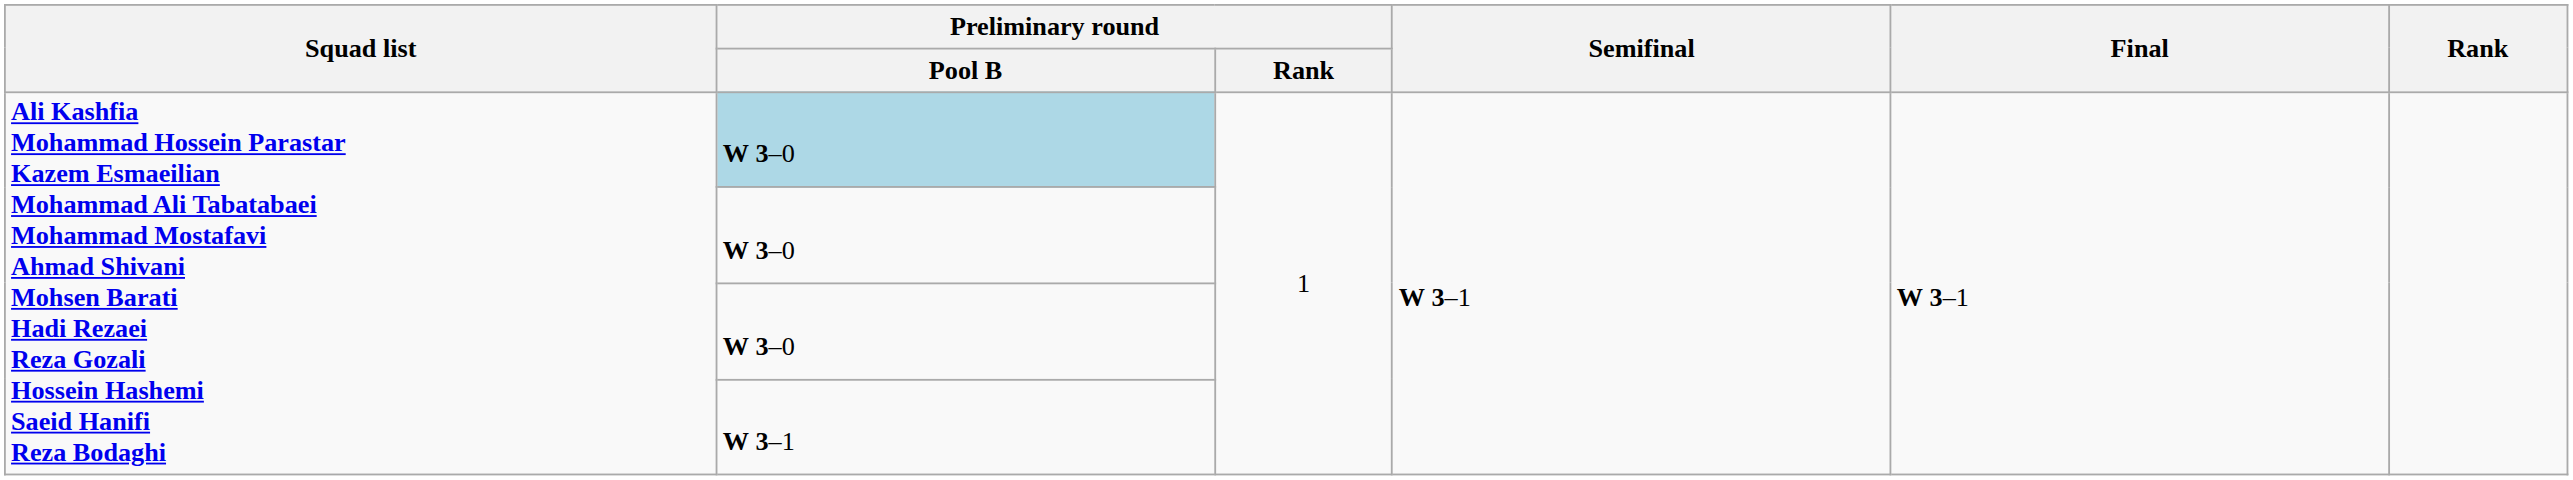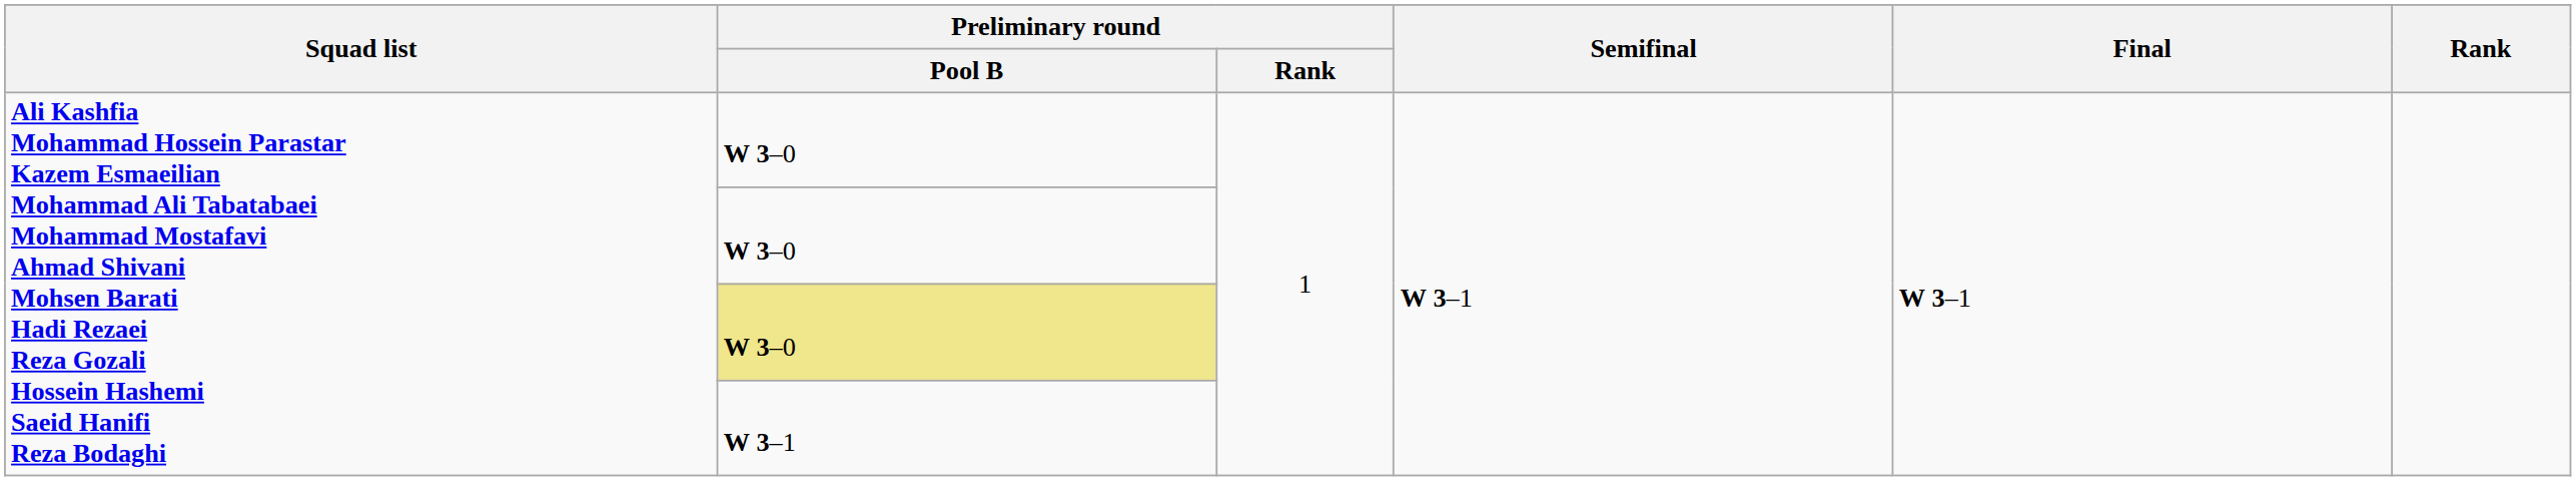 <table class="wikitable" width="71%" style="text-align:left; font-size:90%">
 <tr>
 <th rowspan="2" width="20%">Squad list</th>
 <th colspan="2">Preliminary round</th>
 <th rowspan="2" width="14%">Semifinal</th>
 <th rowspan="2" width="14%">Final</th>
 <th rowspan="2" width="5%">Rank</th>
 </tr>
 <tr>
 <th width="14%">Pool B</th>
 <th width="5%">Rank</th>
 </tr>
 <tr>
 <td rowspan="4"><strong><a href='#'>Ali Kashfia</a><br><a href='#'>Mohammad Hossein Parastar</a><br><a href='#'>Kazem Esmaeilian</a><br><a href='#'>Mohammad Ali Tabatabaei</a><br><a href='#'>Mohammad Mostafavi</a><br><a href='#'>Ahmad Shivani</a><br><a href='#'>Mohsen Barati</a><br><a href='#'>Hadi Rezaei</a><br><a href='#'>Reza Gozali</a><br><a href='#'>Hossein Hashemi</a><br><a href='#'>Saeid Hanifi</a><br><a href='#'>Reza Bodaghi</a></strong></td>
-<td style="background: lightblue;"><br><strong>W</strong> <strong>3</strong>–0</td>
+<td><br><strong>W</strong> <strong>3</strong>–0</td>
 <td rowspan="4" align=center>1 <strong></strong></td>
 <td rowspan="4"><br><strong>W</strong> <strong>3</strong>–1</td>
 <td rowspan="4"><br><strong>W</strong> <strong>3</strong>–1</td>
 <td rowspan="4" align="center"></td>
 </tr>
 <tr>
 <td><br><strong>W</strong> <strong>3</strong>–0</td>
 </tr>
 <tr>
-<td><br><strong>W</strong> <strong>3</strong>–0</td>
+<td style="background: khaki;"><br><strong>W</strong> <strong>3</strong>–0</td>
 </tr>
 <tr>
 <td><br><strong>W</strong> <strong>3</strong>–1</td>
 </tr>
 </table>
